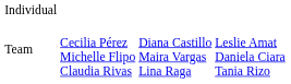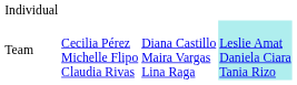 <table>
 <tr>
 <td>Individual</td>
 <td></td>
 <td></td>
 <td></td>
 </tr>
 <tr>
 <td>Team</td>
 <td><br><a href='#'>Cecilia Pérez</a><br><a href='#'>Michelle Flipo</a><br><a href='#'>Claudia Rivas</a></td>
 <td><br><a href='#'>Diana Castillo</a><br><a href='#'>Maira Vargas</a><br><a href='#'>Lina Raga</a></td>
-<td><br><a href='#'>Leslie Amat</a><br><a href='#'>Daniela Ciara</a><br><a href='#'>Tania Rizo</a></td>
+<td style="background: paleturquoise;"><br><a href='#'>Leslie Amat</a><br><a href='#'>Daniela Ciara</a><br><a href='#'>Tania Rizo</a></td>
 </tr>
 </table>
